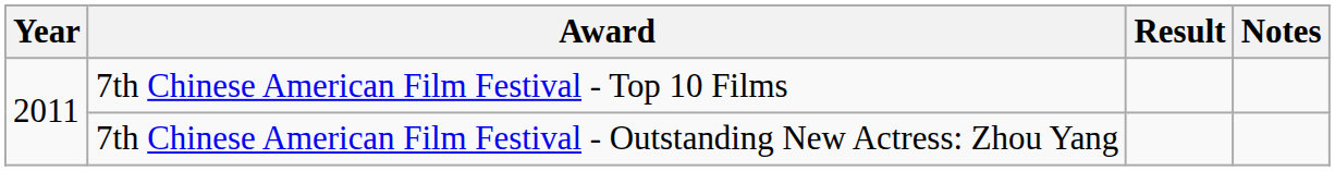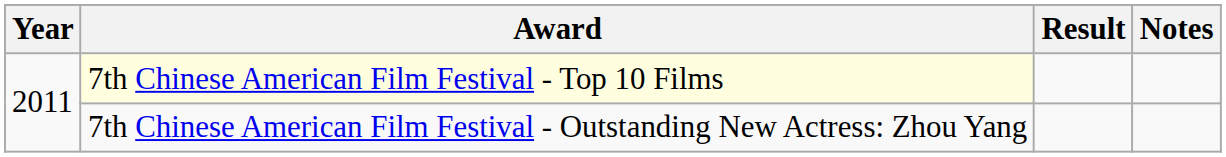 <table class="wikitable">
 <tr>
 <th>Year</th>
 <th>Award</th>
 <th>Result</th>
 <th>Notes</th>
 </tr>
 <tr>
 <td rowspan="2">2011</td>
-<td>7th <a href='#'>Chinese American Film Festival</a> - Top 10 Films</td>
+<td style="background: lightyellow;">7th <a href='#'>Chinese American Film Festival</a> - Top 10 Films</td>
 <td></td>
 <td></td>
 </tr>
 <tr>
 <td>7th <a href='#'>Chinese American Film Festival</a> - Outstanding New Actress: Zhou Yang</td>
 <td></td>
 <td></td>
 </tr>
 </table>
